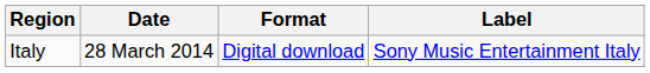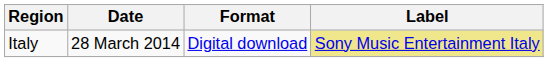 <table class=wikitable>
 <tr>
 <th>Region</th>
 <th>Date</th>
 <th>Format</th>
 <th>Label</th>
 </tr>
 <tr>
 <td>Italy</td>
 <td>28 March 2014</td>
 <td><a href='#'>Digital download</a></td>
-<td><a href='#'>Sony Music Entertainment Italy</a></td>
+<td style="background: khaki;"><a href='#'>Sony Music Entertainment Italy</a></td>
 </tr>
 <tr>
 </tr>
 </table>
